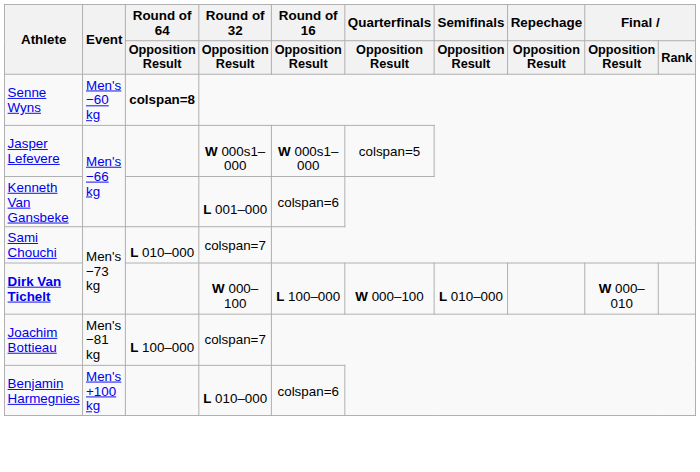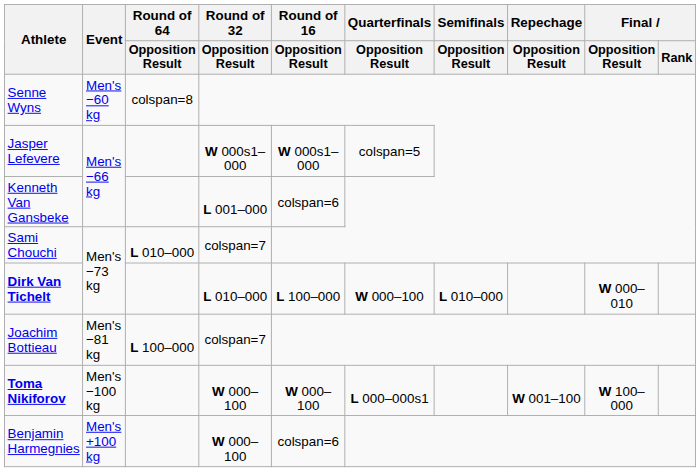 <table class="wikitable" style="font-size:90%">
 <tr>
 <th rowspan="2">Athlete</th>
 <th rowspan="2">Event</th>
 <th>Round of 64</th>
 <th>Round of 32</th>
 <th>Round of 16</th>
 <th>Quarterfinals</th>
 <th>Semifinals</th>
 <th>Repechage</th>
 <th colspan=2>Final / </th>
 </tr>
 <tr style="font-size:95%">
 <th>Opposition<br>Result</th>
 <th>Opposition<br>Result</th>
 <th>Opposition<br>Result</th>
 <th>Opposition<br>Result</th>
 <th>Opposition<br>Result</th>
 <th>Opposition<br>Result</th>
 <th>Opposition<br>Result</th>
 <th>Rank</th>
 </tr>
 <tr align=center>
 <td align=left><a href='#'>Senne Wyns</a></td>
 <td align=left><a href='#'>Men's −60 kg</a></td>
-<td><strong>colspan=8 </strong></td>
+<td>colspan=8 </td>
 </tr>
 <tr align=center>
 <td align=left><a href='#'>Jasper Lefevere</a></td>
 <td align=left rowspan=2><a href='#'>Men's −66 kg</a></td>
 <td></td>
 <td><br><strong>W</strong> 000s1–000</td>
 <td><br><strong>W</strong> 000s1–000</td>
 <td>colspan=5 </td>
 </tr>
 <tr align=center>
 <td align=left><a href='#'>Kenneth Van Gansbeke</a></td>
 <td></td>
 <td><br><strong>L</strong> 001–000</td>
 <td>colspan=6 </td>
 </tr>
 <tr align=center>
 <td align=left><a href='#'>Sami Chouchi</a></td>
 <td align=left rowspan=2>Men's −73 kg</td>
 <td><br><strong>L</strong> 010–000</td>
 <td>colspan=7 </td>
 </tr>
 <tr align=center>
 <td align=left><strong><a href='#'>Dirk Van Tichelt</a></strong></td>
 <td></td>
-<td><br><strong>W</strong> 000–100</td>
+<td><br><strong>L</strong> 010–000</td>
 <td><br><strong>L</strong> 100–000</td>
 <td><br><strong>W</strong> 000–100</td>
 <td><br><strong>L</strong> 010–000</td>
 <td></td>
 <td><br><strong>W</strong> 000–010</td>
 <td></td>
 </tr>
 <tr align=center>
 <td align=left><a href='#'>Joachim Bottieau</a></td>
 <td align=left>Men's −81 kg</td>
 <td><br><strong>L</strong> 100–000</td>
 <td>colspan=7 </td>
 </tr>
 <tr align=center>
+<td align=left><strong><a href='#'>Toma Nikiforov</a></strong></td>
+<td align=left>Men's −100 kg</td>
+<td></td>
+<td><br><strong>W</strong> 000–100</td>
+<td><br><strong>W</strong> 000–100</td>
+<td><br><strong>L</strong> 000–000s1</td>
+<td></td>
+<td><br><strong>W</strong> 001–100</td>
+<td><br><strong>W</strong> 100–000</td>
+<td></td>
+</tr>
+<tr align=center>
 <td align=left><a href='#'>Benjamin Harmegnies</a></td>
 <td align=left><a href='#'>Men's +100 kg</a></td>
 <td></td>
-<td><br><strong>L</strong> 010–000</td>
+<td><br><strong>W</strong> 000–100</td>
 <td>colspan=6 </td>
 </tr>
 </table>
